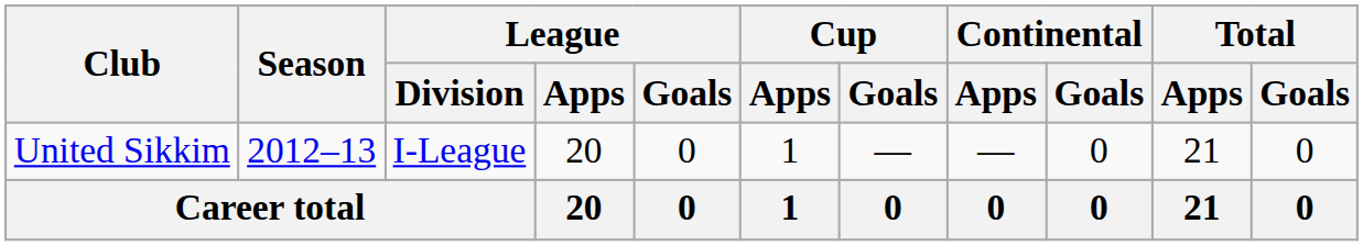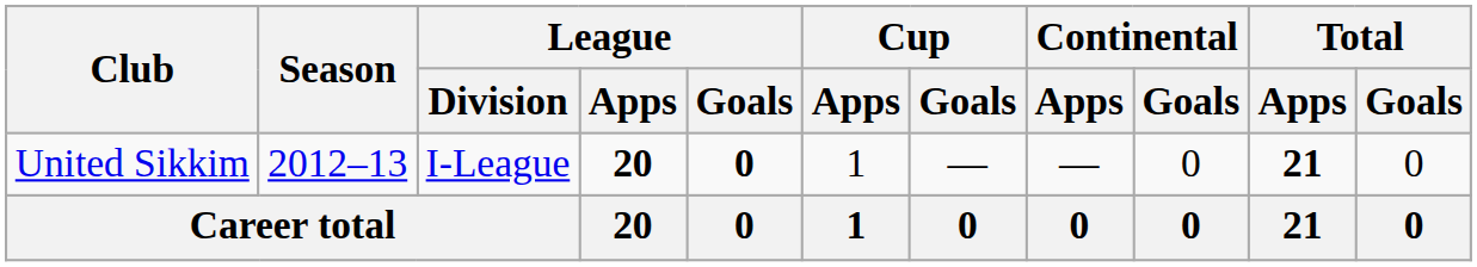 <table class=wikitable style=text-align:center>
 <tr>
 <th rowspan=2>Club</th>
 <th rowspan=2>Season</th>
 <th colspan=3>League</th>
 <th colspan=2>Cup</th>
 <th colspan=2>Continental</th>
 <th colspan=2>Total</th>
 </tr>
 <tr>
 <th>Division</th>
 <th>Apps</th>
 <th>Goals</th>
 <th>Apps</th>
 <th>Goals</th>
 <th>Apps</th>
 <th>Goals</th>
 <th>Apps</th>
 <th>Goals</th>
 </tr>
 <tr>
 <td rowspan=1><a href='#'>United Sikkim</a></td>
 <td><a href='#'>2012–13</a></td>
 <td><a href='#'>I-League</a></td>
-<td>20</td>
-<td>0</td>
+<td><strong>20</strong></td>
+<td><strong>0</strong></td>
 <td>1</td>
 <td>—</td>
 <td>—</td>
 <td>0</td>
-<td>21</td>
+<td><strong>21</strong></td>
 <td>0</td>
 </tr>
 <tr>
 <th colspan=3>Career total</th>
 <th>20</th>
 <th>0</th>
 <th>1</th>
 <th>0</th>
 <th>0</th>
 <th>0</th>
 <th>21</th>
 <th>0</th>
 </tr>
 </table>
